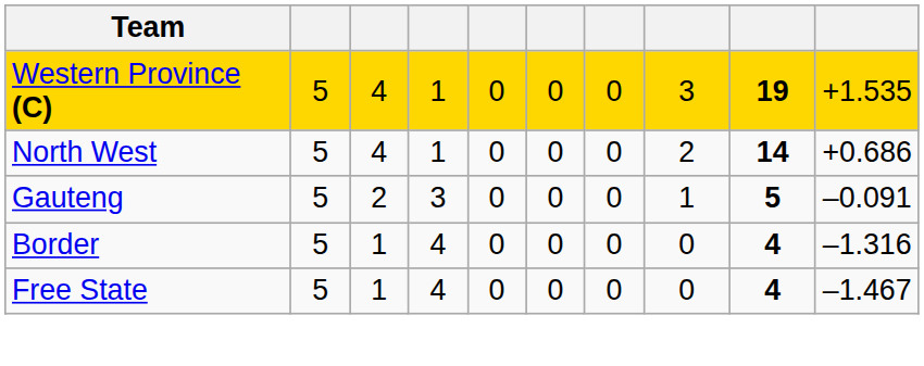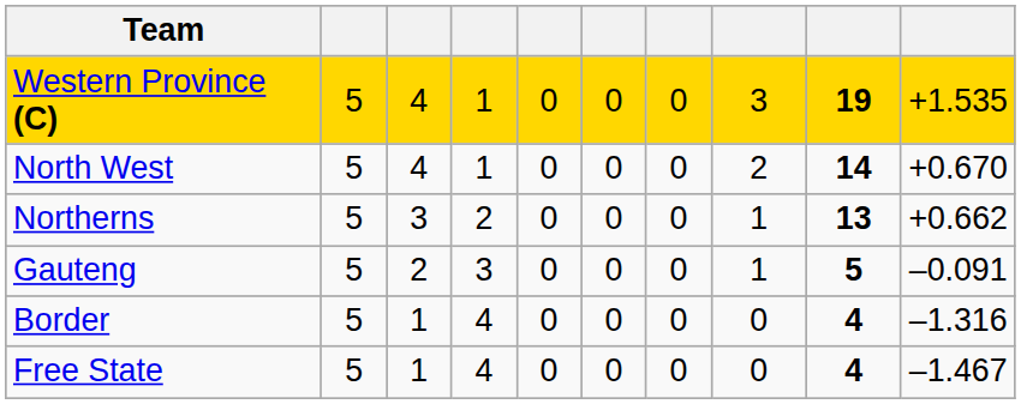 <table class="wikitable" style="text-align:center">
 <tr>
 <th width="150">Team</th>
 <th width="25"></th>
 <th width="25"></th>
 <th width="25"></th>
 <th width="25"></th>
 <th width="25"></th>
 <th width="25"></th>
 <th width="40"></th>
 <th width="40"></th>
 <th width="45"></th>
 </tr>
 <tr style="background:gold">
 <td style="text-align:left"><a href='#'>Western Province</a> <strong>(C)</strong></td>
 <td>5</td>
 <td>4</td>
 <td>1</td>
 <td>0</td>
 <td>0</td>
 <td>0</td>
 <td>3</td>
 <td><strong>19</strong></td>
 <td>+1.535</td>
 </tr>
 <tr>
 <td style="text-align:left"><a href='#'>North West</a></td>
 <td>5</td>
 <td>4</td>
 <td>1</td>
 <td>0</td>
 <td>0</td>
 <td>0</td>
 <td>2</td>
 <td><strong>14</strong></td>
-<td>+0.686</td>
+<td>+0.670</td>
+</tr>
+<tr>
+<td style="text-align:left"><a href='#'>Northerns</a></td>
+<td>5</td>
+<td>3</td>
+<td>2</td>
+<td>0</td>
+<td>0</td>
+<td>0</td>
+<td>1</td>
+<td><strong>13</strong></td>
+<td>+0.662</td>
 </tr>
 <tr>
 <td style="text-align:left"><a href='#'>Gauteng</a></td>
 <td>5</td>
 <td>2</td>
 <td>3</td>
 <td>0</td>
 <td>0</td>
 <td>0</td>
 <td>1</td>
 <td><strong>5</strong></td>
 <td>–0.091</td>
 </tr>
 <tr>
 <td style="text-align:left"><a href='#'>Border</a></td>
 <td>5</td>
 <td>1</td>
 <td>4</td>
 <td>0</td>
 <td>0</td>
 <td>0</td>
 <td>0</td>
 <td><strong>4</strong></td>
 <td>–1.316</td>
 </tr>
 <tr>
 <td style="text-align:left"><a href='#'>Free State</a></td>
 <td>5</td>
 <td>1</td>
 <td>4</td>
 <td>0</td>
 <td>0</td>
 <td>0</td>
 <td>0</td>
 <td><strong>4</strong></td>
 <td>–1.467</td>
 </tr>
 </table>
